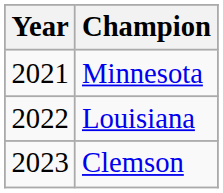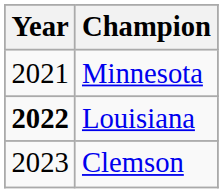 <table class="wikitable">
 <tr>
 <th>Year</th>
 <th>Champion</th>
 </tr>
 <tr>
 <td>2021</td>
 <td><a href='#'>Minnesota</a></td>
 </tr>
 <tr>
-<td>2022</td>
+<td><strong>2022</strong></td>
 <td><a href='#'>Louisiana</a></td>
 </tr>
 <tr>
 <td>2023</td>
 <td><a href='#'>Clemson</a></td>
 </tr>
 </table>
